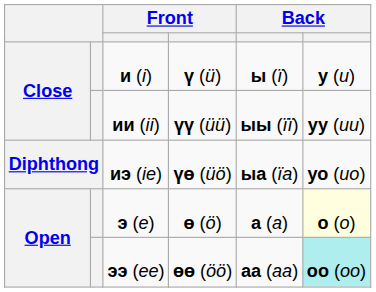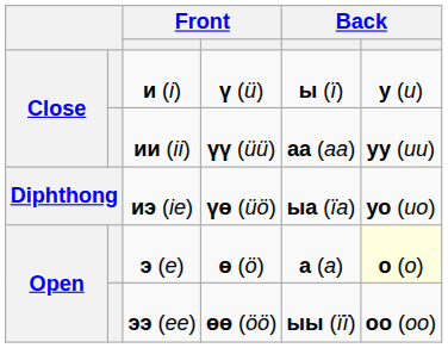 <table class=wikitable style="text-align:center">
 <tr>
 <th colspan="2" rowspan="2"></th>
 <th colspan="2"><a href='#'>Front</a></th>
 <th colspan="2"><a href='#'>Back</a></th>
 </tr>
 <tr>
 <th></th>
 <th></th>
 <th></th>
 <th></th>
 </tr>
 <tr>
 <th rowspan="2"><a href='#'>Close</a></th>
 <th></th>
 <td><br> <strong>и</strong> (<em>i</em>)</td>
 <td><br> <strong>ү</strong> (<em>ü</em>)</td>
 <td><br> <strong>ы</strong> (<em>ï</em>)</td>
 <td><br> <strong>у</strong> (<em>u</em>)</td>
 </tr>
 <tr>
 <th></th>
 <td><br> <strong>ии </strong> (<em>ii</em>)</td>
 <td><br> <strong>үү</strong> (<em>üü</em>)</td>
-<td><br> <strong>ыы</strong> (<em>ïï</em>)</td>
+<td><br> <strong>аа</strong> (<em>aa</em>)</td>
 <td><br> <strong>уу</strong> (<em>uu</em>)</td>
 </tr>
 <tr>
 <th colspan="2"><a href='#'>Diphthong</a></th>
 <td><br> <strong>иэ </strong> (<em>ie</em>)</td>
 <td><br> <strong>үө</strong> (<em>üö</em>)</td>
 <td><br> <strong>ыа</strong> (<em>ïa</em>)</td>
 <td><br> <strong>уо</strong> (<em>uo</em>)</td>
 </tr>
 <tr>
 <th rowspan="2"><a href='#'>Open</a></th>
 <th></th>
 <td><br> <strong>э</strong> (<em>e</em>)</td>
 <td><br> <strong>ө</strong> (<em>ö</em>)</td>
 <td><br> <strong>а</strong> (<em>a</em>)</td>
 <td style="background: lightyellow;"><br> <strong>о</strong> (<em>o</em>)</td>
 </tr>
 <tr>
 <th></th>
 <td><br> <strong>ээ</strong> (<em>ee</em>)</td>
 <td><br> <strong>өө</strong> (<em>öö</em>)</td>
-<td><br> <strong>аа</strong> (<em>aa</em>)</td>
-<td style="background: paleturquoise;"><br> <strong>оо</strong> (<em>oo</em>)</td>
+<td><br> <strong>ыы</strong> (<em>ïï</em>)</td>
+<td><br> <strong>оо</strong> (<em>oo</em>)</td>
 </tr>
 </table>
